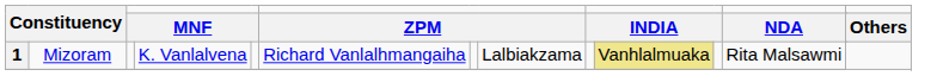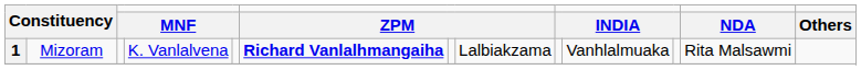 <table class="wikitable sortable" style="text-align:center;">
 <tr>
 <th colspan="2" rowspan="2">Constituency</th>
 <td colspan="3"></td>
 <td colspan="3"></td>
 <td colspan="3"></td>
 <td colspan="3"></td>
 <td colspan="3"></td>
 </tr>
 <tr>
 <th colspan="3"><a href='#'>MNF</a></th>
 <th colspan="3"><a href='#'>ZPM</a></th>
 <th colspan="3"><a href='#'>INDIA</a></th>
 <th colspan="3"><a href='#'>NDA</a></th>
 <th colspan="3">Others</th>
 </tr>
 <tr>
 <th>1</th>
 <td><a href='#'>Mizoram</a></td>
 <td></td>
 <td><a href='#'>K. Vanlalvena</a></td>
 <td></td>
-<td><a href='#'>Richard Vanlalhmangaiha</a></td>
+<td><strong><a href='#'>Richard Vanlalhmangaiha</a></strong></td>
 <td></td>
 <td>Lalbiakzama</td>
 <td></td>
-<td style="background: khaki;">Vanhlalmuaka</td>
+<td>Vanhlalmuaka</td>
 <td></td>
 <td>Rita Malsawmi</td>
 </tr>
 <tr>
 </tr>
 </table>
